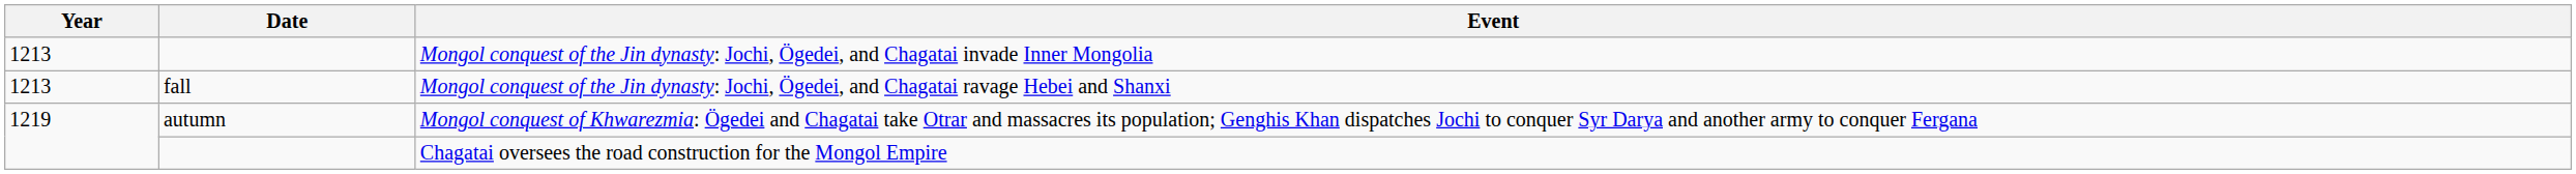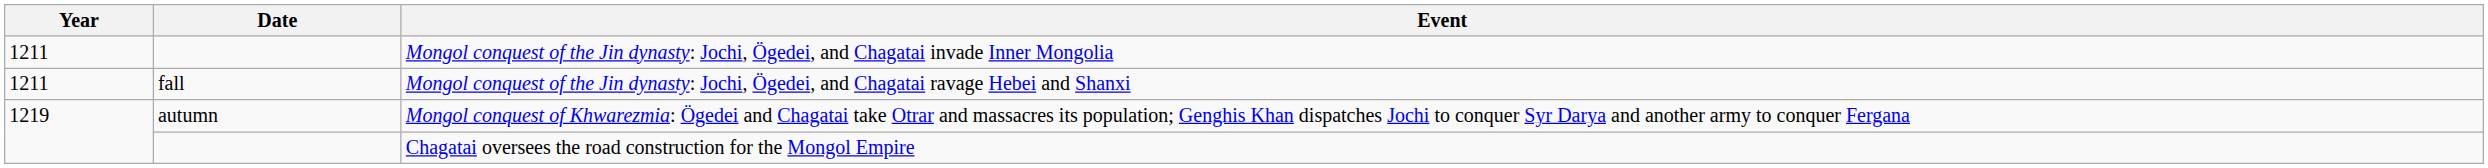 <table class="wikitable" width="100%">
 <tr>
 <th style="width:6%">Year</th>
 <th style="width:10%">Date</th>
 <th>Event</th>
 </tr>
 <tr>
-<td>1213</td>
+<td>1211</td>
 <td></td>
 <td><em><a href='#'>Mongol conquest of the Jin dynasty</a></em>: <a href='#'>Jochi</a>, <a href='#'>Ögedei</a>, and <a href='#'>Chagatai</a> invade <a href='#'>Inner Mongolia</a></td>
 </tr>
 <tr>
-<td>1213</td>
+<td>1211</td>
 <td>fall</td>
 <td><em><a href='#'>Mongol conquest of the Jin dynasty</a></em>: <a href='#'>Jochi</a>, <a href='#'>Ögedei</a>, and <a href='#'>Chagatai</a> ravage <a href='#'>Hebei</a> and <a href='#'>Shanxi</a></td>
 </tr>
 <tr>
 <td rowspan="2" valign="top">1219</td>
 <td>autumn</td>
 <td><em><a href='#'>Mongol conquest of Khwarezmia</a></em>: <a href='#'>Ögedei</a> and <a href='#'>Chagatai</a> take <a href='#'>Otrar</a> and massacres its population; <a href='#'>Genghis Khan</a> dispatches <a href='#'>Jochi</a> to conquer <a href='#'>Syr Darya</a> and another army to conquer <a href='#'>Fergana</a></td>
 </tr>
 <tr>
 <td></td>
 <td><a href='#'>Chagatai</a> oversees the road construction for the <a href='#'>Mongol Empire</a></td>
 </tr>
 </table>
